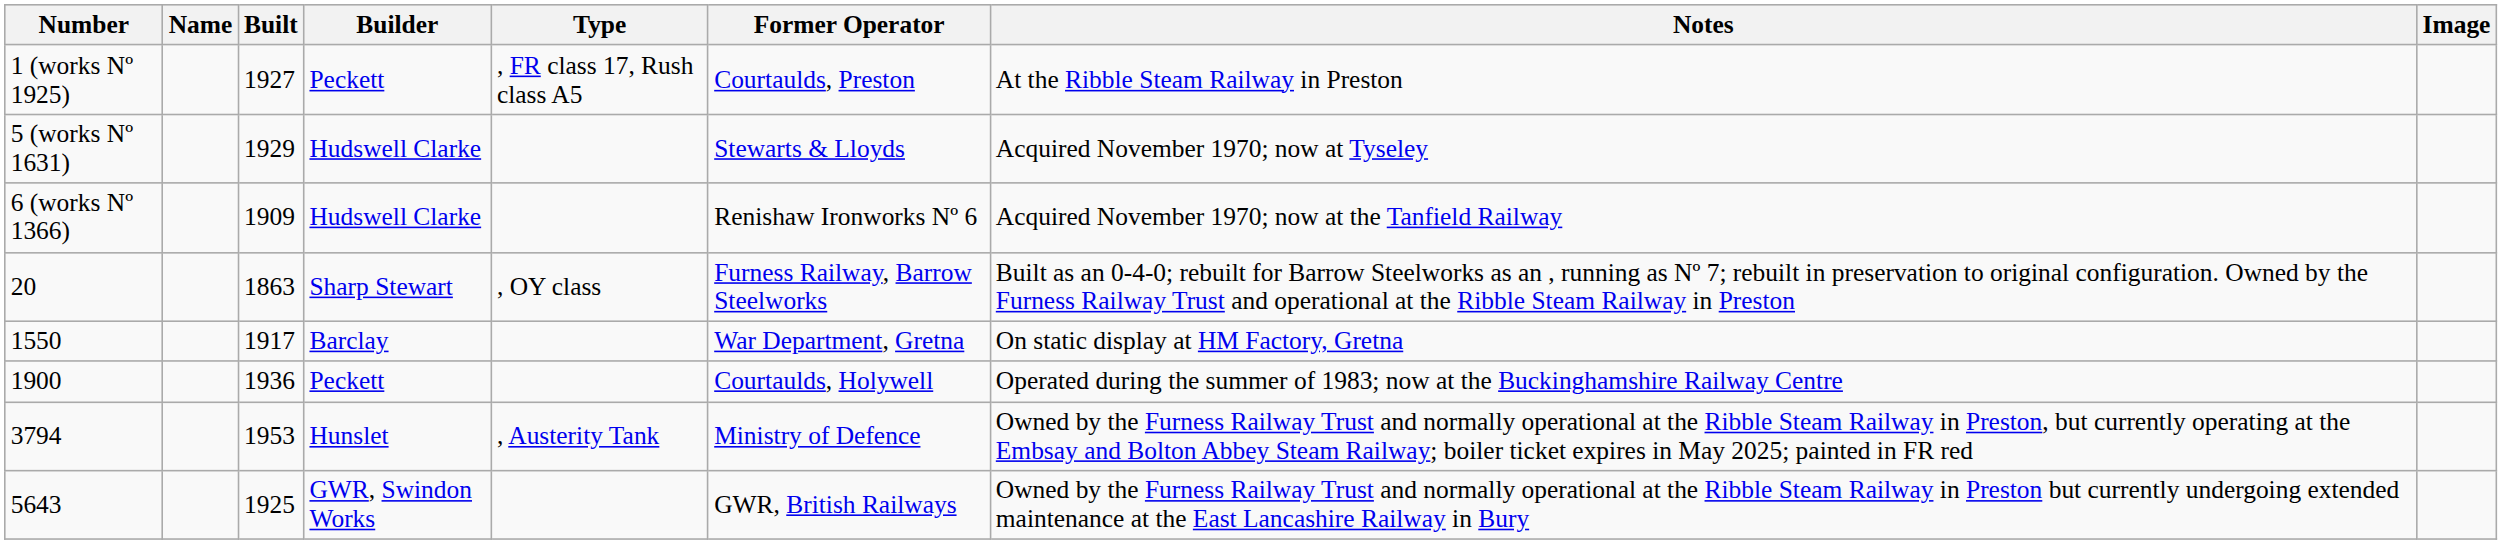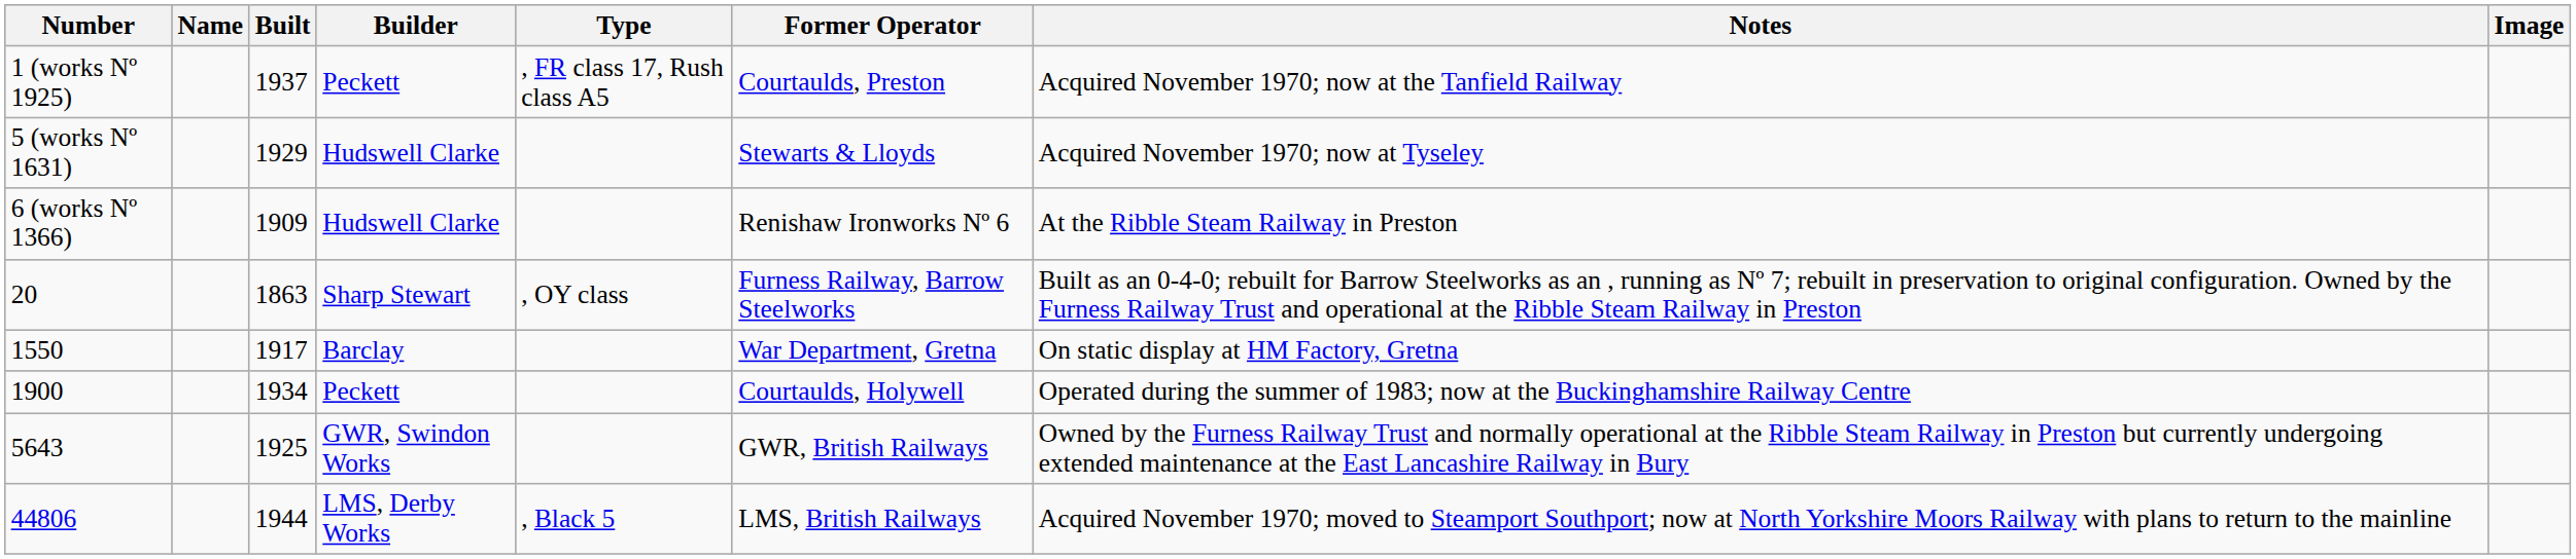 <table class="wikitable sortable">
 <tr>
 <th>Number</th>
 <th>Name</th>
 <th>Built</th>
 <th>Builder</th>
 <th>Type</th>
 <th>Former Operator</th>
 <th class="unsortable">Notes</th>
 <th>Image</th>
 </tr>
 <tr>
 <td>1 (works Nº 1925)</td>
 <td></td>
-<td>1927</td>
+<td>1937</td>
 <td><a href='#'>Peckett</a></td>
 <td>, <a href='#'>FR</a> class 17, Rush class A5</td>
 <td><a href='#'>Courtaulds</a>, <a href='#'>Preston</a></td>
-<td>At the <a href='#'>Ribble Steam Railway</a> in Preston</td>
+<td>Acquired November 1970; now at the <a href='#'>Tanfield Railway</a></td>
 <td></td>
 </tr>
 <tr>
 <td>5 (works Nº 1631)</td>
 <td></td>
 <td>1929</td>
 <td><a href='#'>Hudswell Clarke</a></td>
 <td></td>
 <td><a href='#'>Stewarts & Lloyds</a></td>
 <td>Acquired November 1970; now at <a href='#'>Tyseley</a></td>
 <td></td>
 </tr>
 <tr>
 <td>6 (works Nº 1366)</td>
 <td></td>
 <td>1909</td>
 <td><a href='#'>Hudswell Clarke</a></td>
 <td></td>
 <td>Renishaw Ironworks Nº 6</td>
-<td>Acquired November 1970; now at the <a href='#'>Tanfield Railway</a></td>
+<td>At the <a href='#'>Ribble Steam Railway</a> in Preston</td>
 <td></td>
 </tr>
 <tr>
 <td>20</td>
 <td></td>
 <td>1863</td>
 <td><a href='#'>Sharp Stewart</a></td>
 <td>, OY class</td>
 <td><a href='#'>Furness Railway</a>, <a href='#'>Barrow Steelworks</a></td>
 <td>Built as an 0-4-0; rebuilt for Barrow Steelworks as an , running as Nº 7; rebuilt in preservation to original configuration. Owned by the <a href='#'>Furness Railway Trust</a> and operational at the <a href='#'>Ribble Steam Railway</a> in <a href='#'>Preston</a></td>
 <td></td>
 </tr>
 <tr>
 <td>1550</td>
 <td></td>
 <td>1917</td>
 <td><a href='#'>Barclay</a></td>
 <td></td>
 <td><a href='#'>War Department</a>, <a href='#'>Gretna</a></td>
 <td>On static display at <a href='#'>HM Factory, Gretna</a></td>
 <td></td>
 </tr>
 <tr>
 <td>1900</td>
 <td></td>
-<td>1936</td>
+<td>1934</td>
 <td><a href='#'>Peckett</a></td>
 <td></td>
 <td><a href='#'>Courtaulds</a>, <a href='#'>Holywell</a></td>
 <td>Operated during the summer of 1983; now at the <a href='#'>Buckinghamshire Railway Centre</a></td>
-<td></td>
-</tr>
-<tr>
-<td>3794</td>
-<td></td>
-<td>1953</td>
-<td><a href='#'>Hunslet</a></td>
-<td>, <a href='#'>Austerity Tank</a></td>
-<td><a href='#'>Ministry of Defence</a></td>
-<td>Owned by the <a href='#'>Furness Railway Trust</a> and normally operational at the <a href='#'>Ribble Steam Railway</a> in <a href='#'>Preston</a>, but currently operating at the <a href='#'>Embsay and Bolton Abbey Steam Railway</a>; boiler ticket expires in May 2025; painted in FR red</td>
 <td></td>
 </tr>
 <tr>
 <td>5643</td>
 <td></td>
 <td>1925</td>
 <td><a href='#'>GWR</a>, <a href='#'>Swindon Works</a></td>
 <td></td>
 <td>GWR, <a href='#'>British Railways</a></td>
 <td>Owned by the <a href='#'>Furness Railway Trust</a> and normally operational at the <a href='#'>Ribble Steam Railway</a> in <a href='#'>Preston</a> but currently undergoing extended maintenance at the <a href='#'>East Lancashire Railway</a> in <a href='#'>Bury</a></td>
 <td></td>
 </tr>
+<tr>
+<td><a href='#'>44806</a></td>
+<td></td>
+<td>1944</td>
+<td><a href='#'>LMS</a>, <a href='#'>Derby Works</a></td>
+<td>, <a href='#'>Black 5</a></td>
+<td>LMS, <a href='#'>British Railways</a></td>
+<td>Acquired November 1970; moved to <a href='#'>Steamport Southport</a>; now at <a href='#'>North Yorkshire Moors Railway</a> with plans to return to the mainline</td>
+<td></td>
+</tr>
 </table>
